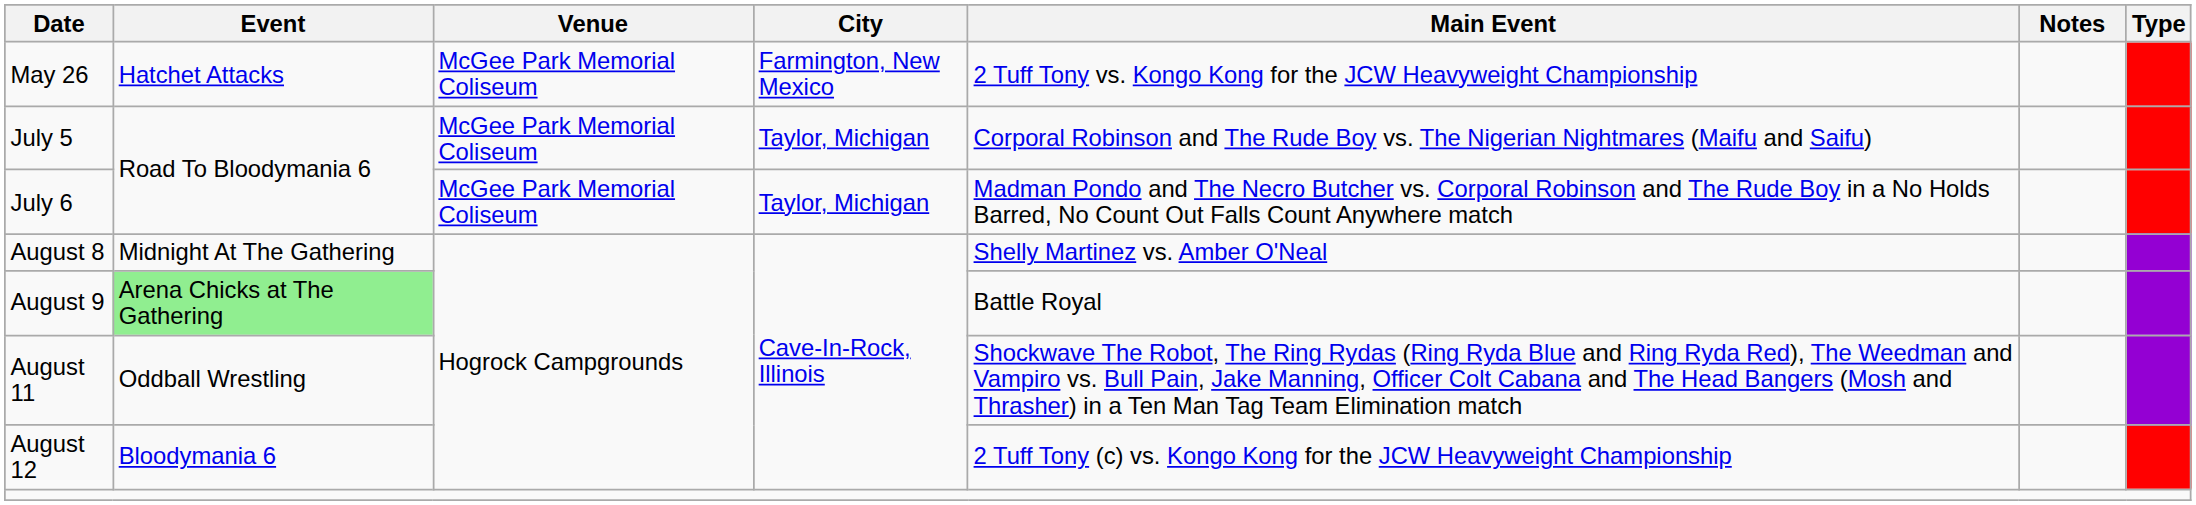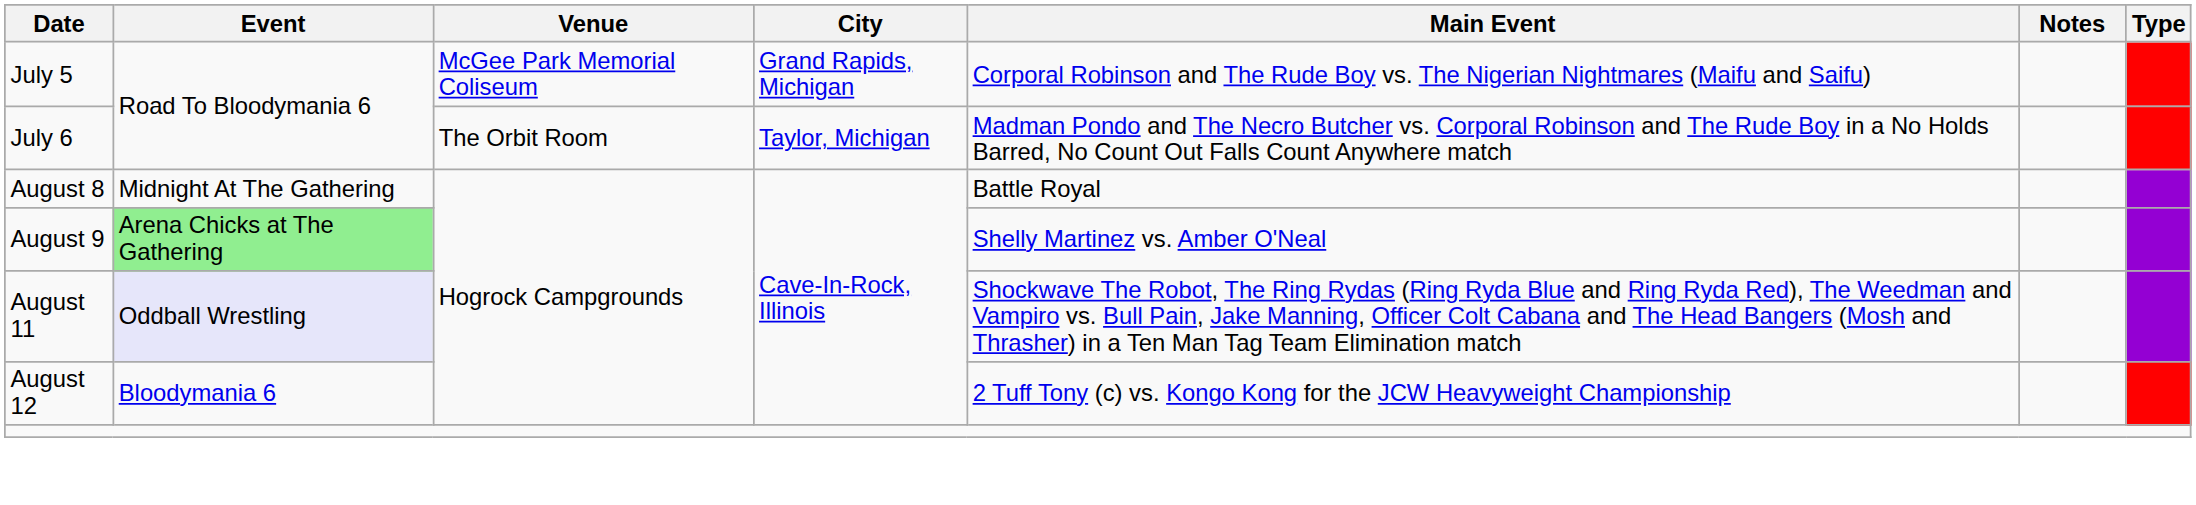 <table class="sortable wikitable succession-box" style="font-size:85%;">
 <tr>
 <th scope="col" style="width:5%;">Date</th>
 <th scope="col" style="width:15%;">Event</th>
 <th scope="col" style="width:15%;">Venue</th>
 <th scope="col" style="width:10%;">City</th>
 <th scope="col" style="width:50%;">Main Event</th>
 <th scope="col" style="width:10%;">Notes</th>
 <th scope="col" style="width:1%;">Type</th>
 </tr>
 <tr>
-<td>May 26</td>
-<td><a href='#'>Hatchet Attacks</a></td>
-<td><a href='#'>McGee Park Memorial Coliseum</a></td>
-<td><a href='#'>Farmington, New Mexico</a></td>
-<td><a href='#'>2 Tuff Tony</a> vs. <a href='#'>Kongo Kong</a> for the <a href='#'>JCW Heavyweight Championship</a></td>
-<td></td>
-<td style="background: red"></td>
-</tr>
-<tr>
 <td>July 5</td>
 <td rowspan="2">Road To Bloodymania 6</td>
 <td><a href='#'>McGee Park Memorial Coliseum</a></td>
-<td><a href='#'>Taylor, Michigan</a></td>
+<td><a href='#'>Grand Rapids, Michigan</a></td>
 <td><a href='#'>Corporal Robinson</a> and <a href='#'>The Rude Boy</a> vs. <a href='#'>The Nigerian Nightmares</a> (<a href='#'>Maifu</a> and <a href='#'>Saifu</a>)</td>
 <td></td>
 <td style="background: red"></td>
 </tr>
 <tr>
 <td>July 6</td>
-<td><a href='#'>McGee Park Memorial Coliseum</a></td>
+<td>The Orbit Room</td>
 <td><a href='#'>Taylor, Michigan</a></td>
 <td><a href='#'>Madman Pondo</a> and <a href='#'>The Necro Butcher</a> vs. <a href='#'>Corporal Robinson</a> and <a href='#'>The Rude Boy</a> in a No Holds Barred, No Count Out Falls Count Anywhere match</td>
 <td></td>
 <td style="background: red"></td>
 </tr>
 <tr>
 <td>August 8</td>
 <td>Midnight At The Gathering</td>
 <td rowspan=4>Hogrock Campgrounds</td>
 <td rowspan=4><a href='#'>Cave-In-Rock, Illinois</a></td>
-<td><a href='#'>Shelly Martinez</a> vs. <a href='#'>Amber O'Neal</a></td>
+<td>Battle Royal</td>
 <td></td>
 <td style="background: darkviolet"></td>
 </tr>
 <tr>
 <td>August 9</td>
 <td style="background: lightgreen;">Arena Chicks at The Gathering</td>
-<td>Battle Royal</td>
+<td><a href='#'>Shelly Martinez</a> vs. <a href='#'>Amber O'Neal</a></td>
 <td></td>
 <td style="background: darkviolet"></td>
 </tr>
 <tr>
 <td>August 11</td>
-<td>Oddball Wrestling</td>
+<td style="background: lavender;">Oddball Wrestling</td>
 <td><a href='#'>Shockwave The Robot</a>, <a href='#'>The Ring Rydas</a> (<a href='#'>Ring Ryda Blue</a> and <a href='#'>Ring Ryda Red</a>), <a href='#'>The Weedman</a> and <a href='#'>Vampiro</a> vs. <a href='#'>Bull Pain</a>, <a href='#'>Jake Manning</a>, <a href='#'>Officer Colt Cabana</a> and <a href='#'>The Head Bangers</a> (<a href='#'>Mosh</a> and <a href='#'>Thrasher</a>) in a Ten Man Tag Team Elimination match</td>
 <td></td>
 <td style="background: darkviolet"></td>
 </tr>
 <tr>
 <td>August 12</td>
 <td><a href='#'>Bloodymania 6</a></td>
 <td><a href='#'>2 Tuff Tony</a> (c) vs. <a href='#'>Kongo Kong</a> for the <a href='#'>JCW Heavyweight Championship</a></td>
 <td></td>
 <td style="background: red"></td>
 </tr>
 <tr>
 <td colspan="7"></td>
 </tr>
 </table>
